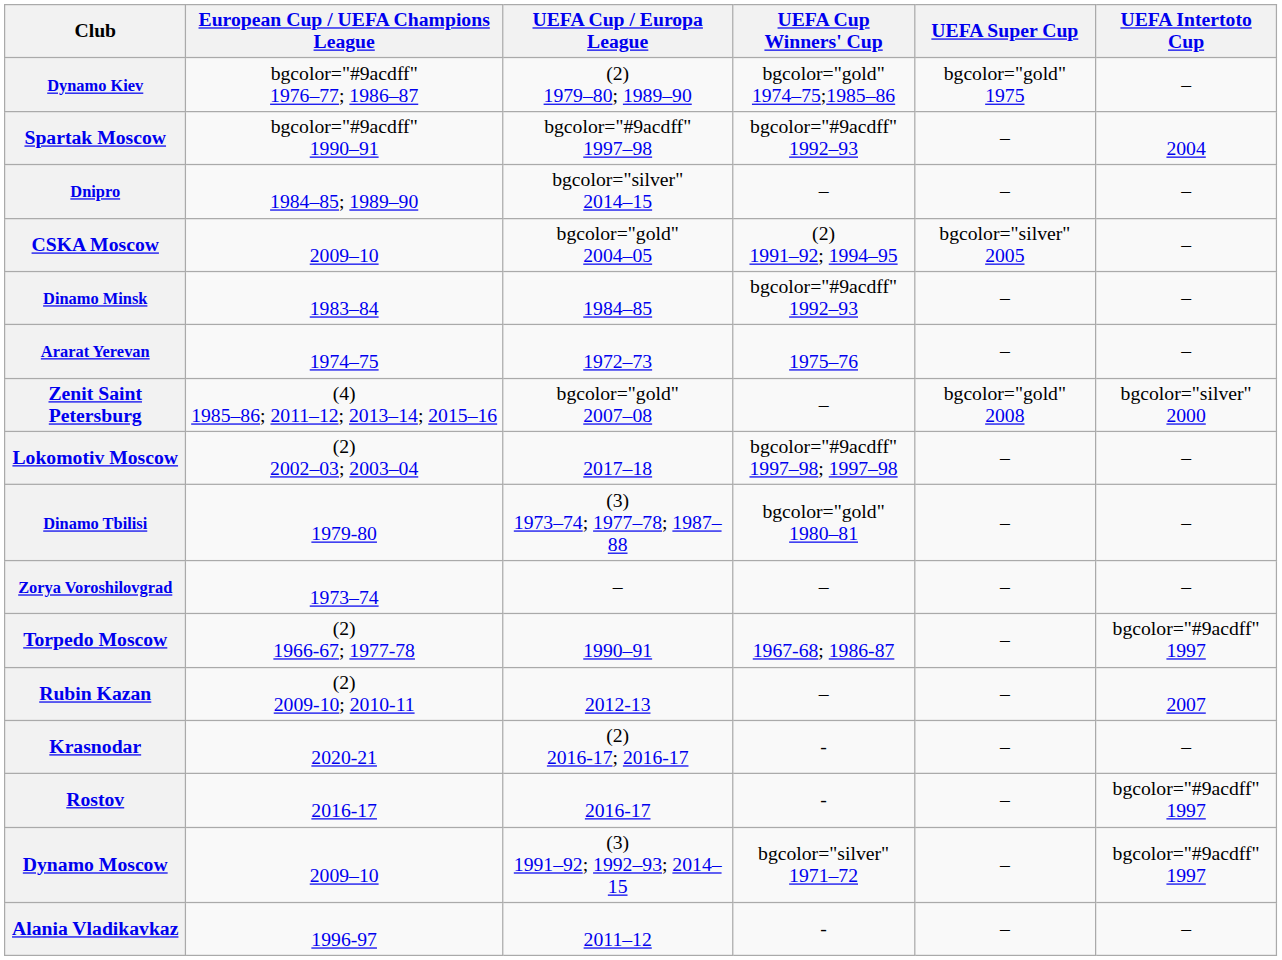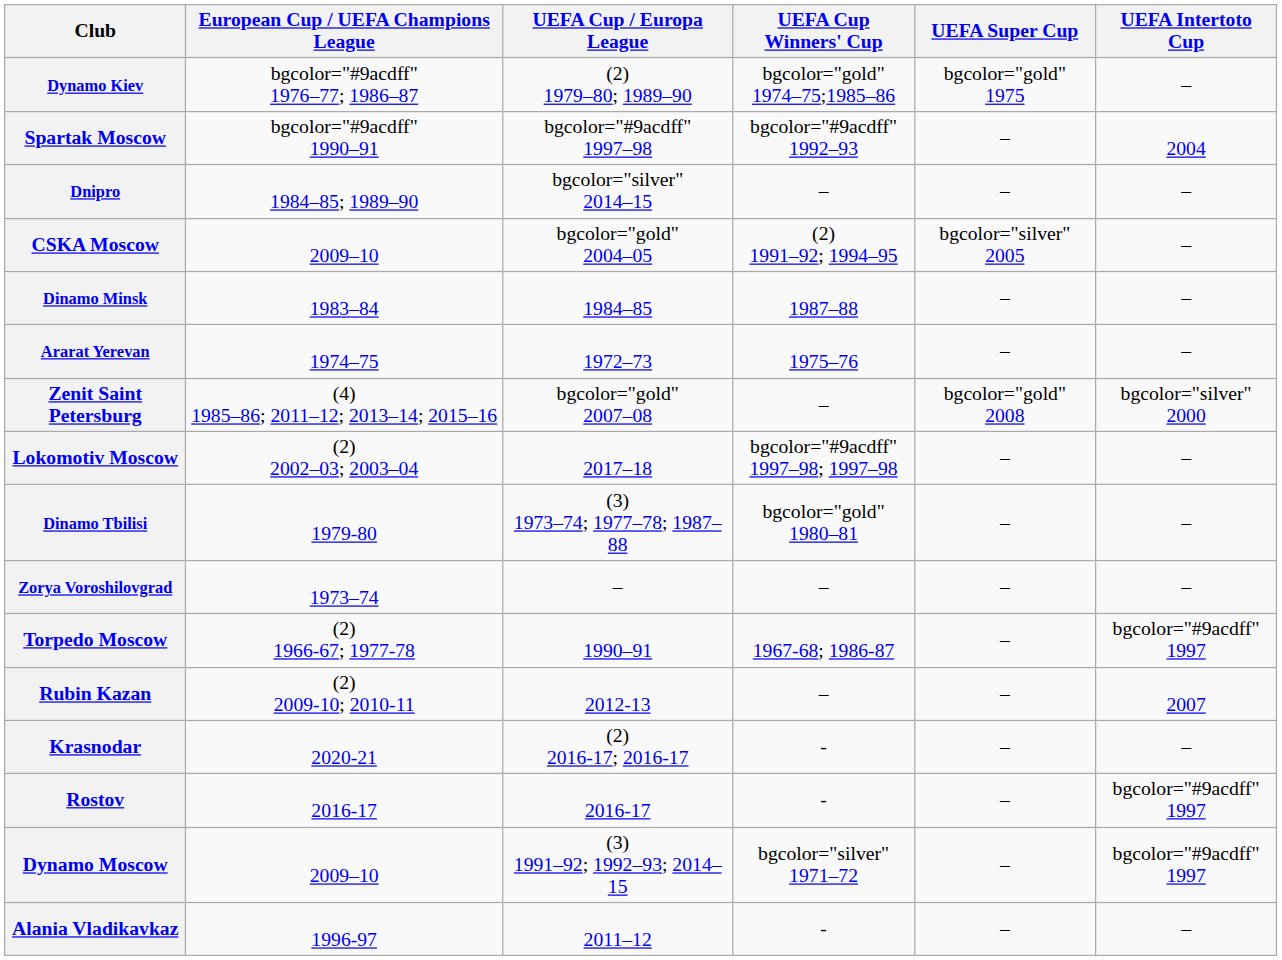 <table class="wikitable sortable plainrowheaders" style="text-align: center;">
 <tr>
 <th scope="col" width="140">Club</th>
 <th scope="col" width="250"><a href='#'>European Cup / UEFA Champions League</a></th>
 <th scope="col" width="180"><a href='#'>UEFA Cup / Europa League</a></th>
 <th scope="col" width="140"><a href='#'>UEFA Cup Winners' Cup</a></th>
 <th scope="col" width="140"><a href='#'>UEFA Super Cup</a></th>
 <th scope="col" width="140"><a href='#'>UEFA Intertoto Cup</a></th>
 </tr>
 <tr>
 <th scope=row><small>  <a href='#'>Dynamo Kiev</a></small></th>
 <td>bgcolor="#9acdff"  <br><a href='#'>1976–77</a>; <a href='#'>1986–87</a></td>
 <td> (2) <br><a href='#'>1979–80</a>; <a href='#'>1989–90</a></td>
 <td>bgcolor="gold"  <br><a href='#'>1974–75</a>;<a href='#'>1985–86</a></td>
 <td>bgcolor="gold"  <br><a href='#'>1975</a></td>
 <td>–</td>
 </tr>
 <tr>
 <th scope=row><a href='#'>Spartak Moscow</a></th>
 <td>bgcolor="#9acdff"  <br><a href='#'>1990–91</a></td>
 <td>bgcolor="#9acdff"  <br><a href='#'>1997–98</a></td>
 <td>bgcolor="#9acdff"  <br><a href='#'>1992–93</a></td>
 <td>–</td>
 <td> <br><a href='#'>2004</a></td>
 </tr>
 <tr>
 <th scope=row><small>  <a href='#'>Dnipro</a></small></th>
 <td> <br><a href='#'>1984–85</a>; <a href='#'>1989–90</a></td>
 <td>bgcolor="silver"  <br><a href='#'>2014–15</a></td>
 <td>–</td>
 <td>–</td>
 <td>–</td>
 </tr>
 <tr>
 <th scope=row><a href='#'>CSKA Moscow</a></th>
 <td> <br><a href='#'>2009–10</a></td>
 <td>bgcolor="gold"  <br><a href='#'>2004–05</a></td>
 <td> (2) <br><a href='#'>1991–92</a>; <a href='#'>1994–95</a></td>
 <td>bgcolor="silver"  <br><a href='#'>2005</a></td>
 <td>–</td>
 </tr>
 <tr>
 <th scope=row><small>  <a href='#'>Dinamo Minsk</a></small></th>
 <td> <br><a href='#'>1983–84</a></td>
 <td> <br><a href='#'>1984–85</a></td>
-<td>bgcolor="#9acdff"  <br><a href='#'>1992–93</a></td>
+<td> <br><a href='#'>1987–88</a></td>
 <td>–</td>
 <td>–</td>
 </tr>
 <tr>
 <th scope=row><small>  <a href='#'>Ararat Yerevan</a></small></th>
 <td> <br><a href='#'>1974–75</a></td>
 <td> <br><a href='#'>1972–73</a></td>
 <td> <br><a href='#'>1975–76</a></td>
 <td>–</td>
 <td>–</td>
 </tr>
 <tr>
 <th scope=row><a href='#'>Zenit Saint Petersburg</a></th>
 <td> (4) <br><a href='#'>1985–86</a>; <a href='#'>2011–12</a>; <a href='#'>2013–14</a>; <a href='#'>2015–16</a></td>
 <td>bgcolor="gold"  <br><a href='#'>2007–08</a></td>
 <td>–</td>
 <td>bgcolor="gold"  <br><a href='#'>2008</a></td>
 <td>bgcolor="silver"  <br><a href='#'>2000</a></td>
 </tr>
 <tr>
 <th scope=row><a href='#'>Lokomotiv Moscow</a></th>
 <td> (2)  <br><a href='#'>2002–03</a>; <a href='#'>2003–04</a></td>
 <td> <br><a href='#'>2017–18</a></td>
 <td>bgcolor="#9acdff"  <br><a href='#'>1997–98</a>; <a href='#'>1997–98</a></td>
 <td>–</td>
 <td>–</td>
 </tr>
 <tr>
 <th scope=row><small>  <a href='#'>Dinamo Tbilisi</a></small></th>
 <td> <br><a href='#'>1979-80</a></td>
 <td> (3) <br><a href='#'>1973–74</a>; <a href='#'>1977–78</a>; <a href='#'>1987–88</a></td>
 <td>bgcolor="gold"  <br><a href='#'>1980–81</a></td>
 <td>–</td>
 <td>–</td>
 </tr>
 <tr>
 <th scope=row><small>  <a href='#'>Zorya Voroshilovgrad</a></small></th>
 <td> <br><a href='#'>1973–74</a></td>
 <td>–</td>
 <td>–</td>
 <td>–</td>
 <td>–</td>
 </tr>
 <tr>
 <th scope=row><a href='#'>Torpedo Moscow</a></th>
 <td> (2) <br><a href='#'>1966-67</a>; <a href='#'>1977-78</a></td>
 <td> <br><a href='#'>1990–91</a></td>
 <td> <br><a href='#'>1967-68</a>; <a href='#'>1986-87</a></td>
 <td>–</td>
 <td>bgcolor="#9acdff"  <br><a href='#'>1997</a></td>
 </tr>
 <tr>
 <th scope=row><a href='#'>Rubin Kazan</a></th>
 <td> (2) <br><a href='#'>2009-10</a>; <a href='#'>2010-11</a></td>
 <td> <br><a href='#'>2012-13</a></td>
 <td>–</td>
 <td>–</td>
 <td> <br><a href='#'>2007</a></td>
 </tr>
 <tr>
 <th scope=row><a href='#'>Krasnodar</a></th>
 <td> <br><a href='#'>2020-21</a></td>
 <td> (2) <br><a href='#'>2016-17</a>; <a href='#'>2016-17</a></td>
 <td>-</td>
 <td>–</td>
 <td>–</td>
 </tr>
 <tr>
 <th scope=row><a href='#'>Rostov</a></th>
 <td> <br><a href='#'>2016-17</a></td>
 <td> <br><a href='#'>2016-17</a></td>
 <td>-</td>
 <td>–</td>
 <td>bgcolor="#9acdff"  <br><a href='#'>1997</a></td>
 </tr>
 <tr>
 <th scope=row><a href='#'>Dynamo Moscow</a></th>
 <td> <br><a href='#'>2009–10</a></td>
 <td> (3) <br><a href='#'>1991–92</a>; <a href='#'>1992–93</a>; <a href='#'>2014–15</a></td>
 <td>bgcolor="silver"  <br><a href='#'>1971–72</a></td>
 <td>–</td>
 <td>bgcolor="#9acdff"  <br><a href='#'>1997</a></td>
 </tr>
 <tr>
 <th scope=row><a href='#'>Alania Vladikavkaz</a></th>
 <td> <br><a href='#'>1996-97</a></td>
 <td> <br><a href='#'>2011–12</a></td>
 <td>-</td>
 <td>–</td>
 <td>–</td>
 </tr>
 </table>
